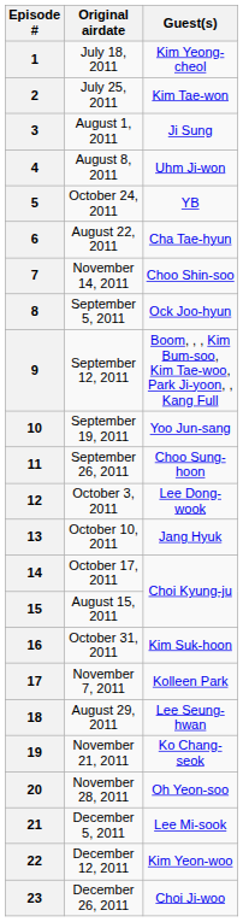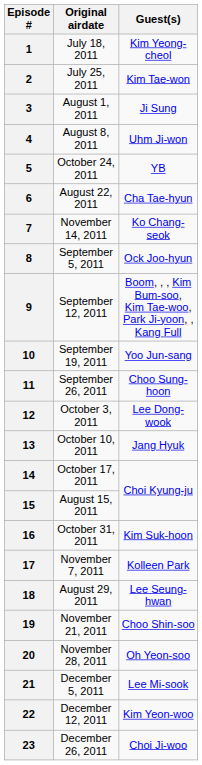 <table class="wikitable" style="font-size:100%; text-align:center; width:45%;">
 <tr>
 <th width="1%">Episode #</th>
 <th width="10%">Original airdate</th>
 <th width="30%">Guest(s)</th>
 </tr>
 <tr>
 <th>1</th>
 <td>July 18, 2011</td>
 <td><a href='#'>Kim Yeong-cheol</a></td>
 </tr>
 <tr>
 <th>2</th>
 <td>July 25, 2011</td>
 <td><a href='#'>Kim Tae-won</a></td>
 </tr>
 <tr>
 <th>3</th>
 <td>August 1, 2011</td>
 <td><a href='#'>Ji Sung</a></td>
 </tr>
 <tr>
 <th>4</th>
 <td>August 8, 2011</td>
 <td><a href='#'>Uhm Ji-won</a></td>
 </tr>
 <tr>
 <th>5</th>
 <td>October 24, 2011</td>
 <td><a href='#'>YB</a></td>
 </tr>
 <tr>
 <th>6</th>
 <td>August 22, 2011</td>
 <td><a href='#'>Cha Tae-hyun</a></td>
 </tr>
 <tr>
 <th>7</th>
 <td>November 14, 2011</td>
-<td><a href='#'>Choo Shin-soo</a></td>
+<td><a href='#'>Ko Chang-seok</a></td>
 </tr>
 <tr>
 <th>8</th>
 <td>September 5, 2011</td>
 <td><a href='#'>Ock Joo-hyun</a></td>
 </tr>
 <tr>
 <th>9</th>
 <td>September 12, 2011</td>
 <td><a href='#'>Boom</a>, , , <a href='#'>Kim Bum-soo</a>,<br><a href='#'>Kim Tae-woo</a>, <a href='#'>Park Ji-yoon</a>, , <a href='#'>Kang Full</a></td>
 </tr>
 <tr>
 <th>10</th>
 <td>September 19, 2011</td>
 <td><a href='#'>Yoo Jun-sang</a></td>
 </tr>
 <tr>
 <th>11</th>
 <td>September 26, 2011</td>
 <td><a href='#'>Choo Sung-hoon</a></td>
 </tr>
 <tr>
 <th>12</th>
 <td>October 3, 2011</td>
 <td><a href='#'>Lee Dong-wook</a></td>
 </tr>
 <tr>
 <th>13</th>
 <td>October 10, 2011</td>
 <td><a href='#'>Jang Hyuk</a></td>
 </tr>
 <tr>
 <th>14</th>
 <td>October 17, 2011</td>
 <td rowspan="2"><a href='#'>Choi Kyung-ju</a></td>
 </tr>
 <tr>
 <th>15</th>
 <td>August 15, 2011</td>
 </tr>
 <tr>
 <th>16</th>
 <td>October 31, 2011</td>
 <td><a href='#'>Kim Suk-hoon</a></td>
 </tr>
 <tr>
 <th>17</th>
 <td>November 7, 2011</td>
 <td><a href='#'>Kolleen Park</a></td>
 </tr>
 <tr>
 <th>18</th>
 <td>August 29, 2011</td>
 <td><a href='#'>Lee Seung-hwan</a></td>
 </tr>
 <tr>
 <th>19</th>
 <td>November 21, 2011</td>
-<td><a href='#'>Ko Chang-seok</a></td>
+<td><a href='#'>Choo Shin-soo</a></td>
 </tr>
 <tr>
 <th>20</th>
 <td>November 28, 2011</td>
 <td><a href='#'>Oh Yeon-soo</a></td>
 </tr>
 <tr>
 <th>21</th>
 <td>December 5, 2011</td>
 <td><a href='#'>Lee Mi-sook</a></td>
 </tr>
 <tr>
 <th>22</th>
 <td>December 12, 2011</td>
 <td><a href='#'>Kim Yeon-woo</a></td>
 </tr>
 <tr>
 <th>23</th>
 <td>December 26, 2011</td>
 <td><a href='#'>Choi Ji-woo</a></td>
 </tr>
 </table>
